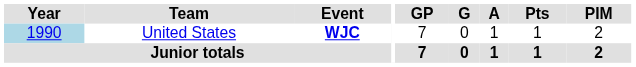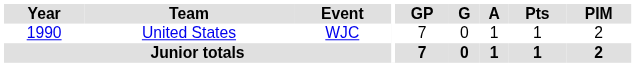 <table border="0" cellpadding="1" cellspacing="0" ID="Table3" style="text-align:center; width:40em">
 <tr ALIGN="center" bgcolor="#e0e0e0">
 <th>Year</th>
 <th>Team</th>
 <th>Event</th>
 <th rowspan="99" bgcolor="#ffffff"></th>
 <th>GP</th>
 <th>G</th>
 <th>A</th>
 <th>Pts</th>
 <th>PIM</th>
 </tr>
 <tr>
-<td style="background: lightblue;"><a href='#'>1990</a></td>
+<td><a href='#'>1990</a></td>
 <td><a href='#'>United States</a></td>
-<td><strong><a href='#'>WJC</a></strong></td>
+<td><a href='#'>WJC</a></td>
 <td>7</td>
 <td>0</td>
 <td>1</td>
 <td>1</td>
 <td>2</td>
 </tr>
 <tr bgcolor="#e0e0e0">
 <th colspan="3">Junior totals</th>
 <th>7</th>
 <th>0</th>
 <th>1</th>
 <th>1</th>
 <th>2</th>
 </tr>
 </table>
